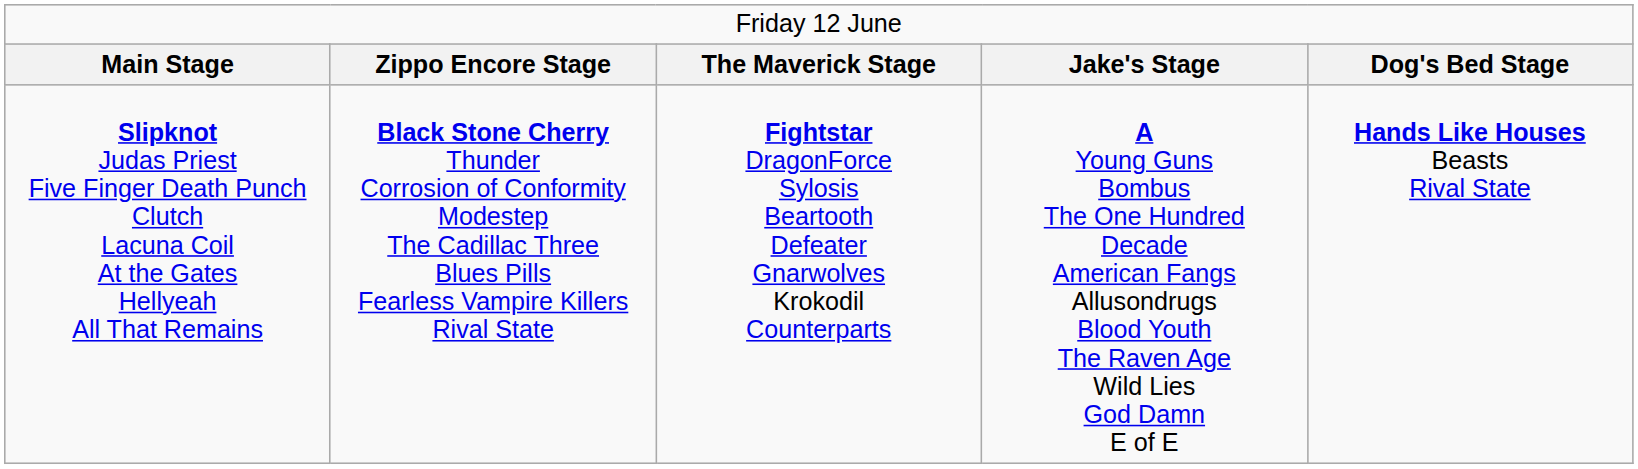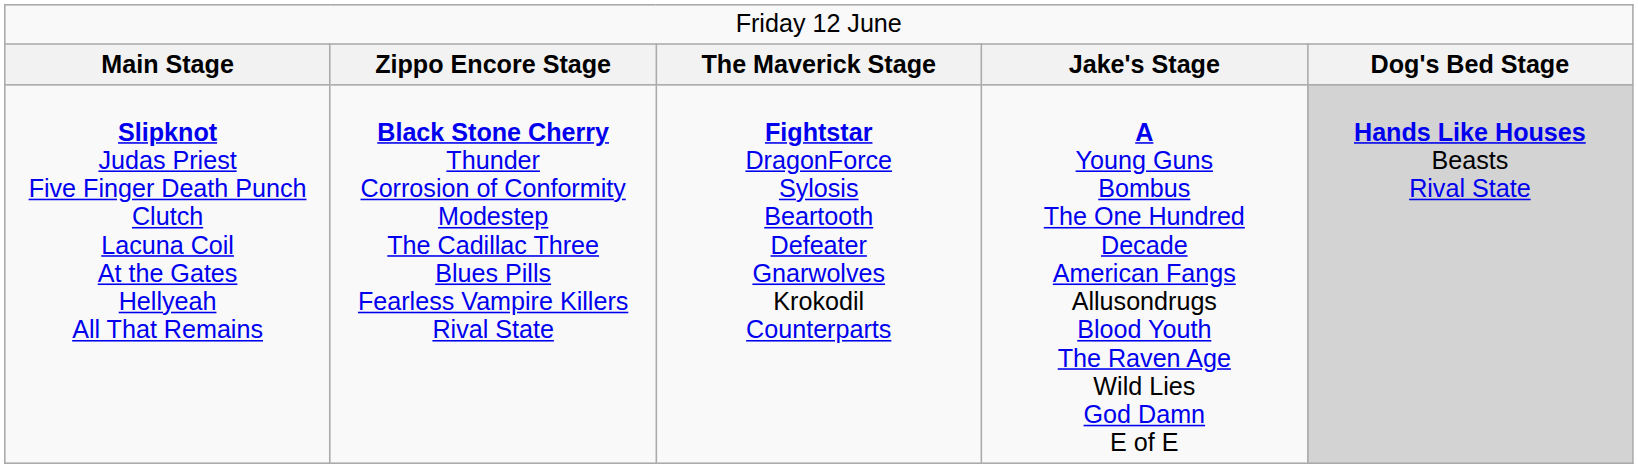 <table class="wikitable">
 <tr>
 <td colspan="5" style="text-align:center;">Friday 12 June</td>
 </tr>
 <tr>
 <th>Main Stage</th>
 <th>Zippo Encore Stage</th>
 <th>The Maverick Stage</th>
 <th>Jake's Stage</th>
 <th>Dog's Bed Stage</th>
 </tr>
 <tr>
 <td style="text-align:center; vertical-align:top; width:200px;"><br><strong><a href='#'>Slipknot</a></strong><br> <a href='#'>Judas Priest</a><br> <a href='#'>Five Finger Death Punch</a><br> <a href='#'>Clutch</a> <br> <a href='#'>Lacuna Coil</a> <br> <a href='#'>At the Gates</a> <br> <a href='#'>Hellyeah</a> <br> <a href='#'>All That Remains</a> <br></td>
 <td style="text-align:center; vertical-align:top; width:200px;"><br><strong><a href='#'>Black Stone Cherry</a></strong><br> <a href='#'>Thunder</a> <br> <a href='#'>Corrosion of Conformity</a><br> <a href='#'>Modestep</a><br> <a href='#'>The Cadillac Three</a><br> <a href='#'>Blues Pills</a><br> <a href='#'>Fearless Vampire Killers</a> <br> <a href='#'>Rival State</a> <br></td>
 <td style="text-align:center; vertical-align:top; width:200px;"><br><strong><a href='#'>Fightstar</a></strong><br> <a href='#'>DragonForce</a> <br> <a href='#'>Sylosis</a> <br> <a href='#'>Beartooth</a> <br> <a href='#'>Defeater</a> <br> <a href='#'>Gnarwolves</a> <br> Krokodil<br> <a href='#'>Counterparts</a> <br></td>
 <td style="text-align:center; vertical-align:top; width:200px;"><br><strong><a href='#'>A</a></strong> <br> <a href='#'>Young Guns</a> <br> <a href='#'>Bombus</a> <br> <a href='#'>The One Hundred</a> <br> <a href='#'>Decade</a> <br> <a href='#'>American Fangs</a><br> Allusondrugs<br> <a href='#'>Blood Youth</a> <br> <a href='#'>The Raven Age</a> <br> Wild Lies <br> <a href='#'>God Damn</a> <br> E of E</td>
-<td style="text-align:center; vertical-align:top; width:200px;"><br><strong><a href='#'>Hands Like Houses</a></strong> <br> Beasts <br> <a href='#'>Rival State</a></td>
+<td style="background: lightgrey; text-align:center; vertical-align:top; width:200px;"><br><strong><a href='#'>Hands Like Houses</a></strong> <br> Beasts <br> <a href='#'>Rival State</a></td>
 </tr>
 </table>
